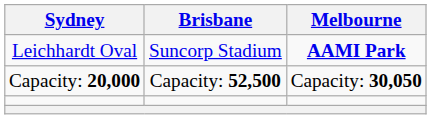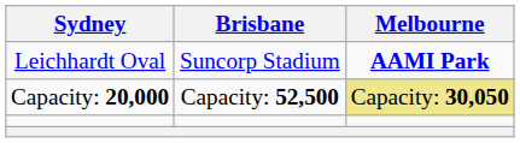 <table class="wikitable" style="margin:1em auto; text-align:center">
 <tr>
 <th><a href='#'>Sydney</a></th>
 <th><a href='#'>Brisbane</a></th>
 <th><a href='#'>Melbourne</a></th>
 </tr>
 <tr>
 <td><a href='#'>Leichhardt Oval</a></td>
 <td><a href='#'>Suncorp Stadium</a></td>
 <td><strong><a href='#'>AAMI Park</a></strong></td>
 </tr>
 <tr>
 <td>Capacity: <strong>20,000</strong></td>
 <td>Capacity: <strong>52,500</strong></td>
-<td>Capacity: <strong>30,050</strong></td>
+<td style="background: khaki;">Capacity: <strong>30,050</strong></td>
 </tr>
 <tr>
 <td></td>
 <td></td>
 <td></td>
 </tr>
 <tr>
 <th colspan=5></th>
 </tr>
 </table>
